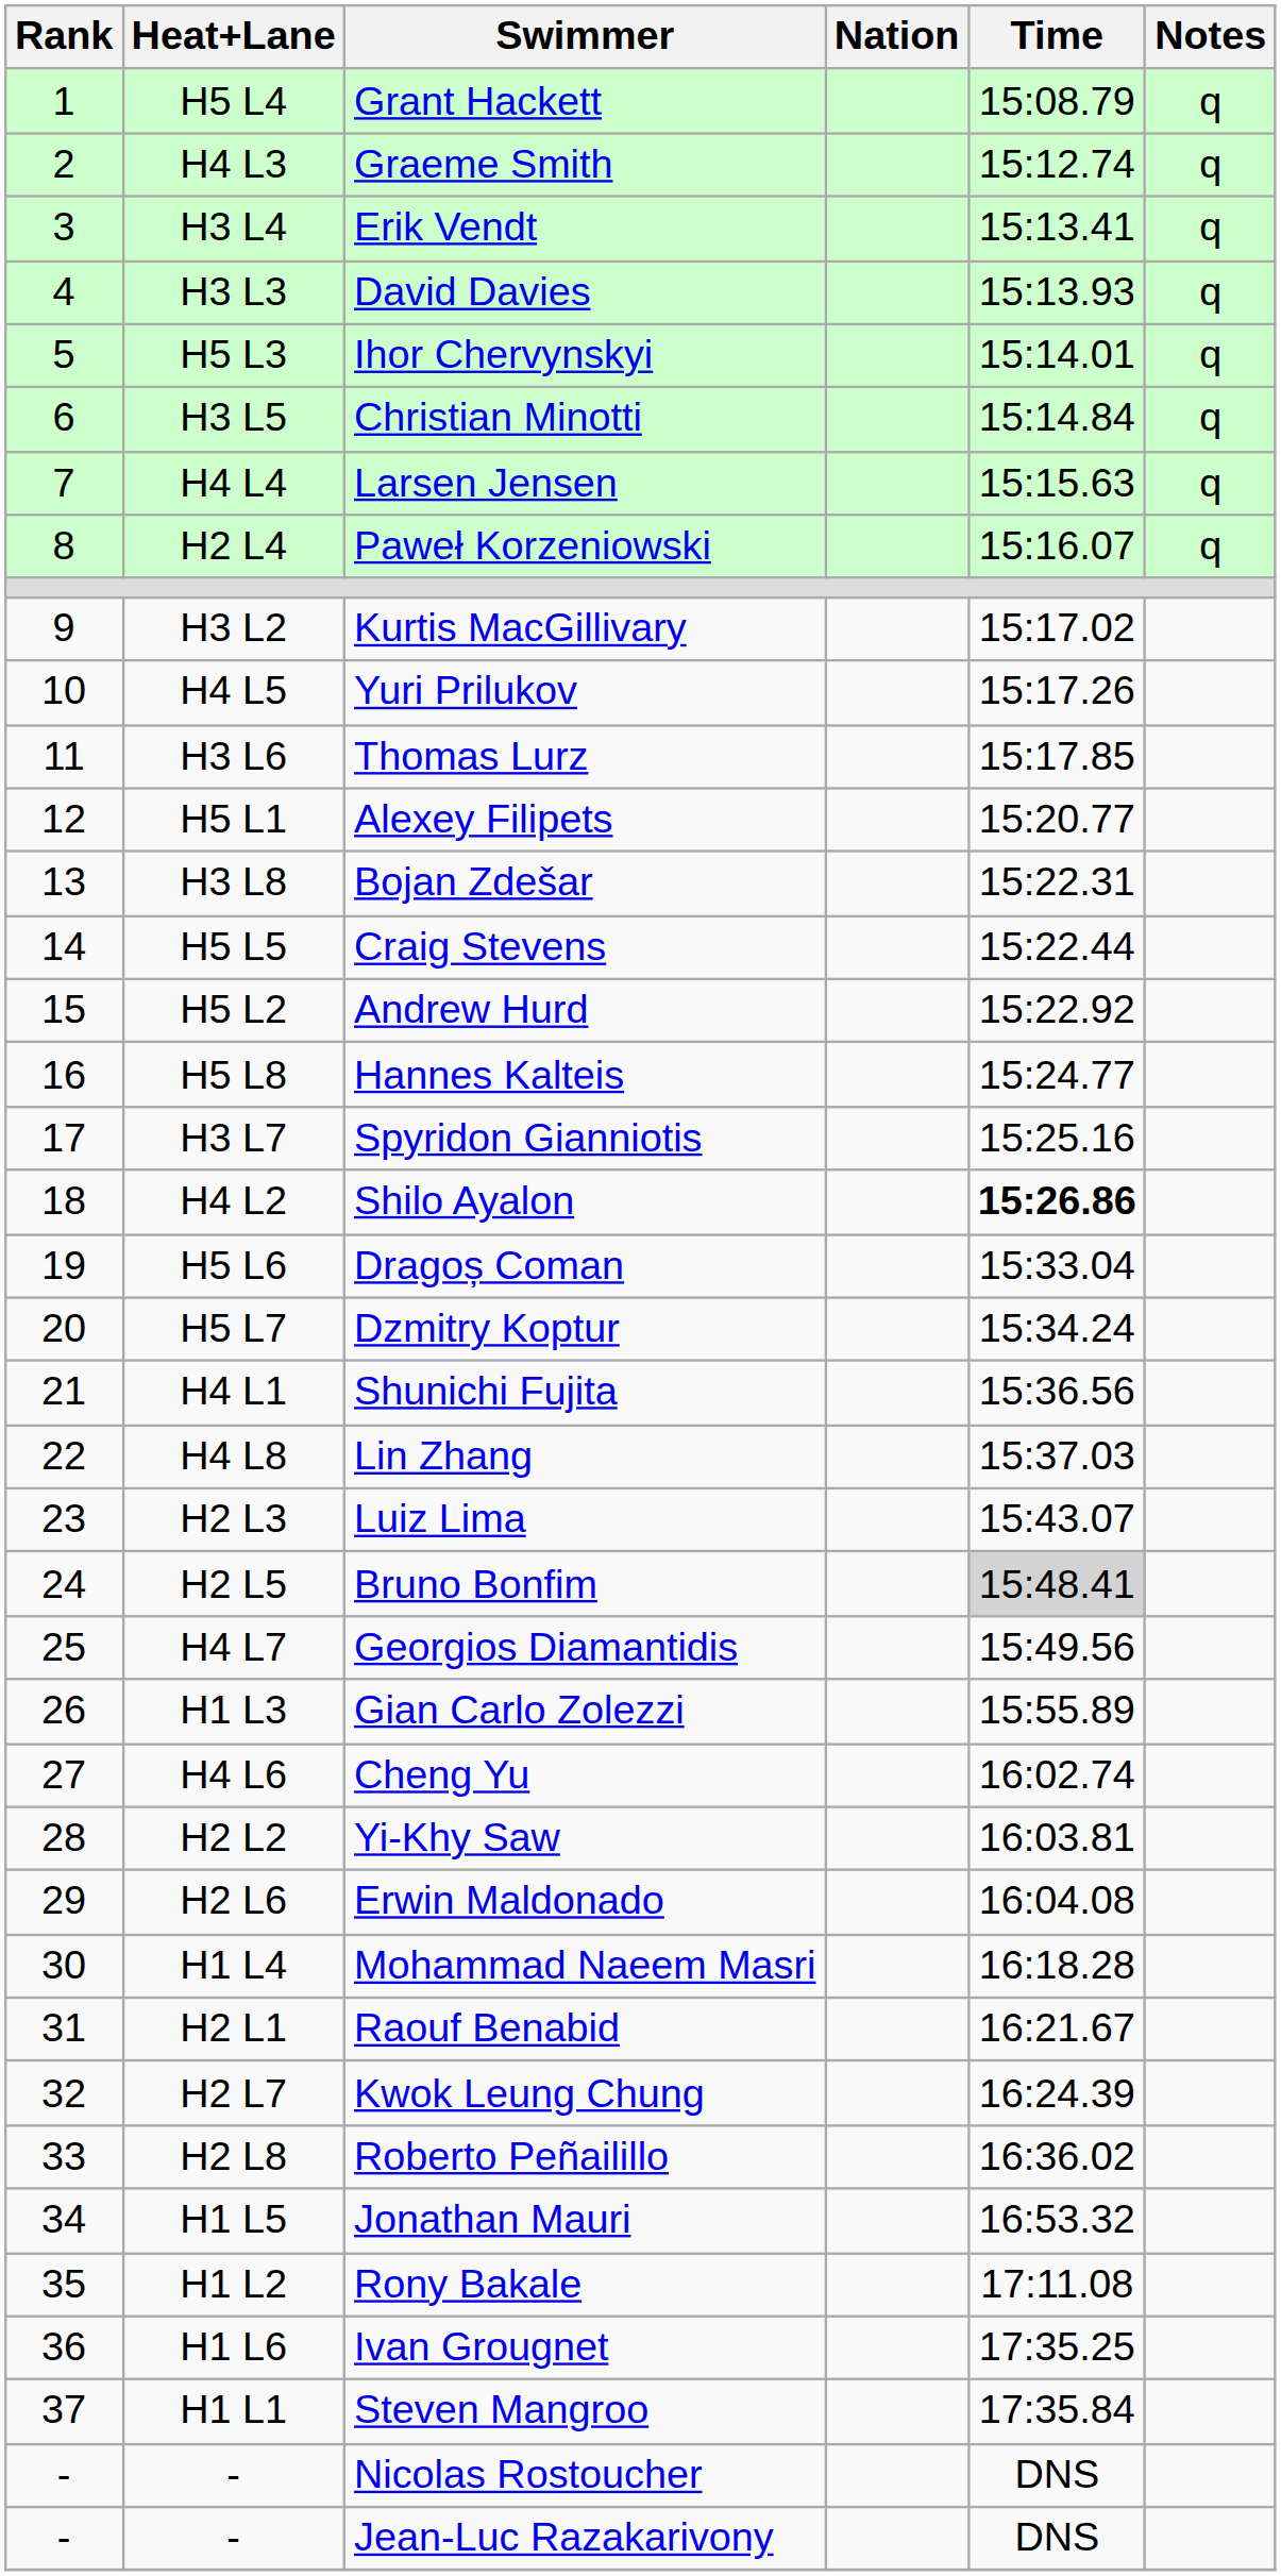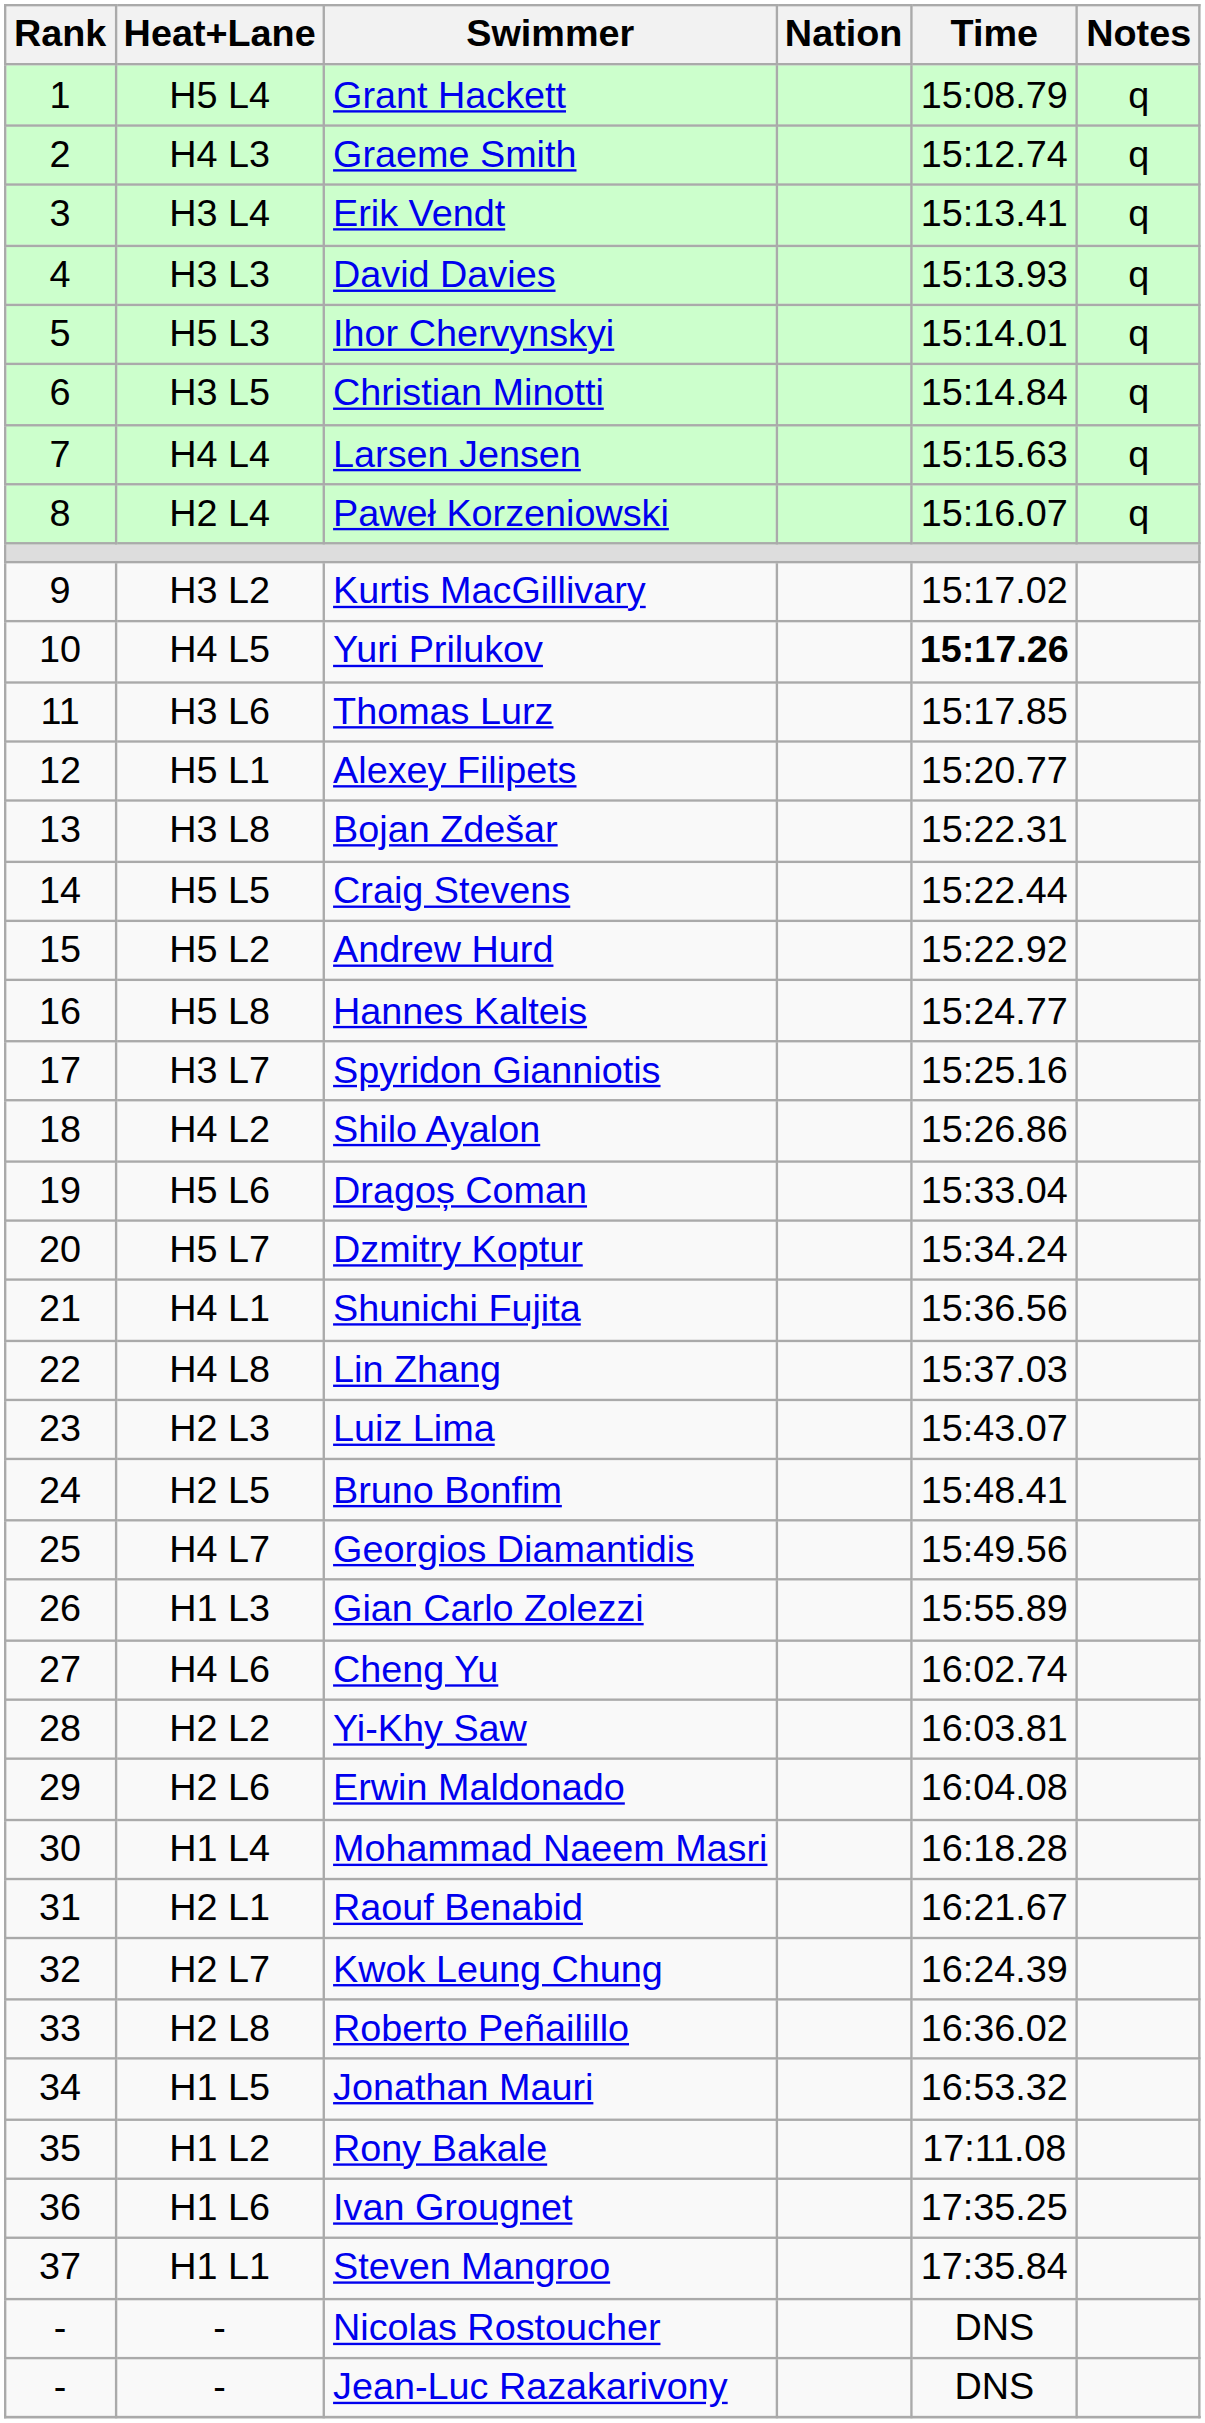 <table class="wikitable sortable" style="text-align:center">
 <tr>
 <th>Rank</th>
 <th>Heat+Lane</th>
 <th>Swimmer</th>
 <th>Nation</th>
 <th>Time</th>
 <th>Notes</th>
 </tr>
 <tr bgcolor=ccffcc>
 <td>1</td>
 <td>H5 L4</td>
 <td align=left><a href='#'>Grant Hackett</a></td>
 <td align=left></td>
 <td>15:08.79</td>
 <td>q</td>
 </tr>
 <tr bgcolor=ccffcc>
 <td>2</td>
 <td>H4 L3</td>
 <td align=left><a href='#'>Graeme Smith</a></td>
 <td align=left></td>
 <td>15:12.74</td>
 <td>q</td>
 </tr>
 <tr bgcolor=ccffcc>
 <td>3</td>
 <td>H3 L4</td>
 <td align=left><a href='#'>Erik Vendt</a></td>
 <td align=left></td>
 <td>15:13.41</td>
 <td>q</td>
 </tr>
 <tr bgcolor=ccffcc>
 <td>4</td>
 <td>H3 L3</td>
 <td align=left><a href='#'>David Davies</a></td>
 <td align=left></td>
 <td>15:13.93</td>
 <td>q</td>
 </tr>
 <tr bgcolor=ccffcc>
 <td>5</td>
 <td>H5 L3</td>
 <td align=left><a href='#'>Ihor Chervynskyi</a></td>
 <td align=left></td>
 <td>15:14.01</td>
 <td>q</td>
 </tr>
 <tr bgcolor=ccffcc>
 <td>6</td>
 <td>H3 L5</td>
 <td align=left><a href='#'>Christian Minotti</a></td>
 <td align=left></td>
 <td>15:14.84</td>
 <td>q</td>
 </tr>
 <tr bgcolor=ccffcc>
 <td>7</td>
 <td>H4 L4</td>
 <td align=left><a href='#'>Larsen Jensen</a></td>
 <td align=left></td>
 <td>15:15.63</td>
 <td>q</td>
 </tr>
 <tr bgcolor=ccffcc>
 <td>8</td>
 <td>H2 L4</td>
 <td align=left><a href='#'>Paweł Korzeniowski</a></td>
 <td align=left></td>
 <td>15:16.07</td>
 <td>q</td>
 </tr>
 <tr bgcolor=#DDDDDD>
 <td colspan=6></td>
 </tr>
 <tr>
 <td>9</td>
 <td>H3 L2</td>
 <td align=left><a href='#'>Kurtis MacGillivary</a></td>
 <td align=left></td>
 <td>15:17.02</td>
 <td></td>
 </tr>
 <tr>
 <td>10</td>
 <td>H4 L5</td>
 <td align=left><a href='#'>Yuri Prilukov</a></td>
 <td align=left></td>
-<td>15:17.26</td>
+<td><strong>15:17.26</strong></td>
 <td></td>
 </tr>
 <tr>
 <td>11</td>
 <td>H3 L6</td>
 <td align=left><a href='#'>Thomas Lurz</a></td>
 <td align=left></td>
 <td>15:17.85</td>
 <td></td>
 </tr>
 <tr>
 <td>12</td>
 <td>H5 L1</td>
 <td align=left><a href='#'>Alexey Filipets</a></td>
 <td align=left></td>
 <td>15:20.77</td>
 <td></td>
 </tr>
 <tr>
 <td>13</td>
 <td>H3 L8</td>
 <td align=left><a href='#'>Bojan Zdešar</a></td>
 <td align=left></td>
 <td>15:22.31</td>
 <td></td>
 </tr>
 <tr>
 <td>14</td>
 <td>H5 L5</td>
 <td align=left><a href='#'>Craig Stevens</a></td>
 <td align=left></td>
 <td>15:22.44</td>
 <td></td>
 </tr>
 <tr>
 <td>15</td>
 <td>H5 L2</td>
 <td align=left><a href='#'>Andrew Hurd</a></td>
 <td align=left></td>
 <td>15:22.92</td>
 <td></td>
 </tr>
 <tr>
 <td>16</td>
 <td>H5 L8</td>
 <td align=left><a href='#'>Hannes Kalteis</a></td>
 <td align=left></td>
 <td>15:24.77</td>
 <td></td>
 </tr>
 <tr>
 <td>17</td>
 <td>H3 L7</td>
 <td align=left><a href='#'>Spyridon Gianniotis</a></td>
 <td align=left></td>
 <td>15:25.16</td>
 <td></td>
 </tr>
 <tr>
 <td>18</td>
 <td>H4 L2</td>
 <td align=left><a href='#'>Shilo Ayalon</a></td>
 <td align=left></td>
-<td><strong>15:26.86</strong></td>
+<td>15:26.86</td>
 <td></td>
 </tr>
 <tr>
 <td>19</td>
 <td>H5 L6</td>
 <td align=left><a href='#'>Dragoș Coman</a></td>
 <td align=left></td>
 <td>15:33.04</td>
 <td></td>
 </tr>
 <tr>
 <td>20</td>
 <td>H5 L7</td>
 <td align=left><a href='#'>Dzmitry Koptur</a></td>
 <td align=left></td>
 <td>15:34.24</td>
 <td></td>
 </tr>
 <tr>
 <td>21</td>
 <td>H4 L1</td>
 <td align=left><a href='#'>Shunichi Fujita</a></td>
 <td align=left></td>
 <td>15:36.56</td>
 <td></td>
 </tr>
 <tr>
 <td>22</td>
 <td>H4 L8</td>
 <td align=left><a href='#'>Lin Zhang</a></td>
 <td align=left></td>
 <td>15:37.03</td>
 <td></td>
 </tr>
 <tr>
 <td>23</td>
 <td>H2 L3</td>
 <td align=left><a href='#'>Luiz Lima</a></td>
 <td align=left></td>
 <td>15:43.07</td>
 <td></td>
 </tr>
 <tr>
 <td>24</td>
 <td>H2 L5</td>
 <td align=left><a href='#'>Bruno Bonfim</a></td>
 <td align=left></td>
-<td style="background: lightgrey;">15:48.41</td>
+<td>15:48.41</td>
 <td></td>
 </tr>
 <tr>
 <td>25</td>
 <td>H4 L7</td>
 <td align=left><a href='#'>Georgios Diamantidis</a></td>
 <td align=left></td>
 <td>15:49.56</td>
 <td></td>
 </tr>
 <tr>
 <td>26</td>
 <td>H1 L3</td>
 <td align=left><a href='#'>Gian Carlo Zolezzi</a></td>
 <td align=left></td>
 <td>15:55.89</td>
 <td></td>
 </tr>
 <tr>
 <td>27</td>
 <td>H4 L6</td>
 <td align=left><a href='#'>Cheng Yu</a></td>
 <td align=left></td>
 <td>16:02.74</td>
 <td></td>
 </tr>
 <tr>
 <td>28</td>
 <td>H2 L2</td>
 <td align=left><a href='#'>Yi-Khy Saw</a></td>
 <td align=left></td>
 <td>16:03.81</td>
 <td></td>
 </tr>
 <tr>
 <td>29</td>
 <td>H2 L6</td>
 <td align=left><a href='#'>Erwin Maldonado</a></td>
 <td align=left></td>
 <td>16:04.08</td>
 <td></td>
 </tr>
 <tr>
 <td>30</td>
 <td>H1 L4</td>
 <td align=left><a href='#'>Mohammad Naeem Masri</a></td>
 <td align=left></td>
 <td>16:18.28</td>
 <td></td>
 </tr>
 <tr>
 <td>31</td>
 <td>H2 L1</td>
 <td align=left><a href='#'>Raouf Benabid</a></td>
 <td align=left></td>
 <td>16:21.67</td>
 <td></td>
 </tr>
 <tr>
 <td>32</td>
 <td>H2 L7</td>
 <td align=left><a href='#'>Kwok Leung Chung</a></td>
 <td align=left></td>
 <td>16:24.39</td>
 <td></td>
 </tr>
 <tr>
 <td>33</td>
 <td>H2 L8</td>
 <td align=left><a href='#'>Roberto Peñailillo</a></td>
 <td align=left></td>
 <td>16:36.02</td>
 <td></td>
 </tr>
 <tr>
 <td>34</td>
 <td>H1 L5</td>
 <td align=left><a href='#'>Jonathan Mauri</a></td>
 <td align=left></td>
 <td>16:53.32</td>
 <td></td>
 </tr>
 <tr>
 <td>35</td>
 <td>H1 L2</td>
 <td align=left><a href='#'>Rony Bakale</a></td>
 <td align=left></td>
 <td>17:11.08</td>
 <td></td>
 </tr>
 <tr>
 <td>36</td>
 <td>H1 L6</td>
 <td align=left><a href='#'>Ivan Grougnet</a></td>
 <td align=left></td>
 <td>17:35.25</td>
 <td></td>
 </tr>
 <tr>
 <td>37</td>
 <td>H1 L1</td>
 <td align=left><a href='#'>Steven Mangroo</a></td>
 <td align=left></td>
 <td>17:35.84</td>
 <td></td>
 </tr>
 <tr>
 <td>-</td>
 <td>-</td>
 <td align=left><a href='#'>Nicolas Rostoucher</a></td>
 <td align=left></td>
 <td>DNS</td>
 <td></td>
 </tr>
 <tr>
 <td>-</td>
 <td>-</td>
 <td align=left><a href='#'>Jean-Luc Razakarivony</a></td>
 <td align=left></td>
 <td>DNS</td>
 <td></td>
 </tr>
 <tr>
 </tr>
 </table>
